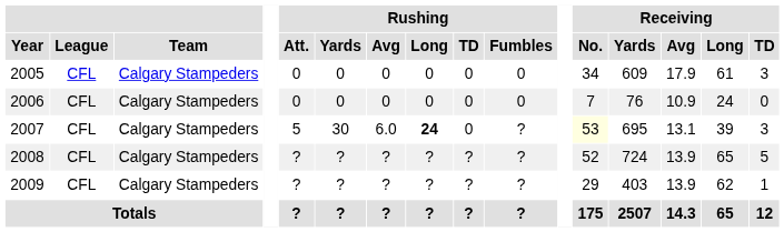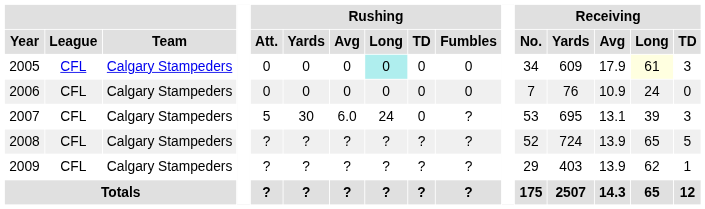 <table BORDER="0" CELLPADDING="5" CELLSPACING="1" style="text-align:center">
 <tr bgcolor="#e0e0e0">
 <th colspan="3"></th>
 <th rowspan="99" bgcolor="#ffffff"> </th>
 <th colspan="6">Rushing</th>
 <th rowspan="99" bgcolor="#ffffff"> </th>
 <th colspan="5">Receiving</th>
 </tr>
 <tr bgcolor="#e0e0e0">
 <th>Year</th>
 <th>League</th>
 <th>Team</th>
 <th>Att.</th>
 <th>Yards</th>
 <th>Avg</th>
 <th>Long</th>
 <th>TD</th>
 <th>Fumbles</th>
 <th>No.</th>
 <th>Yards</th>
 <th>Avg</th>
 <th>Long</th>
 <th>TD</th>
 </tr>
 <tr ALIGN="center">
 <td>2005</td>
 <td><a href='#'>CFL</a></td>
 <td><a href='#'>Calgary Stampeders</a></td>
 <td>0</td>
 <td>0</td>
 <td>0</td>
-<td>0</td>
+<td style="background: paleturquoise;">0</td>
 <td>0</td>
 <td>0</td>
 <td>34</td>
 <td>609</td>
 <td>17.9</td>
-<td>61</td>
+<td style="background: lightyellow;">61</td>
 <td>3</td>
 </tr>
 <tr ALIGN="center" bgcolor="#f0f0f0">
 <td>2006</td>
 <td>CFL</td>
 <td>Calgary Stampeders</td>
 <td>0</td>
 <td>0</td>
 <td>0</td>
 <td>0</td>
 <td>0</td>
 <td>0</td>
 <td>7</td>
 <td>76</td>
 <td>10.9</td>
 <td>24</td>
 <td>0</td>
 </tr>
 <tr ALIGN="center">
 <td>2007</td>
 <td>CFL</td>
 <td>Calgary Stampeders</td>
 <td>5</td>
 <td>30</td>
 <td>6.0</td>
-<td><strong>24</strong></td>
+<td>24</td>
 <td>0</td>
 <td>?</td>
-<td style="background: lightyellow;">53</td>
+<td>53</td>
 <td>695</td>
 <td>13.1</td>
 <td>39</td>
 <td>3</td>
 </tr>
 <tr ALIGN="center" bgcolor="#f0f0f0">
 <td>2008</td>
 <td>CFL</td>
 <td>Calgary Stampeders</td>
 <td>?</td>
 <td>?</td>
 <td>?</td>
 <td>?</td>
 <td>?</td>
 <td>?</td>
 <td>52</td>
 <td>724</td>
 <td>13.9</td>
 <td>65</td>
 <td>5</td>
 </tr>
 <tr ALIGN="center">
 <td>2009</td>
 <td>CFL</td>
 <td>Calgary Stampeders</td>
 <td>?</td>
 <td>?</td>
 <td>?</td>
 <td>?</td>
 <td>?</td>
 <td>?</td>
 <td>29</td>
 <td>403</td>
 <td>13.9</td>
 <td>62</td>
 <td>1</td>
 </tr>
 <tr ALIGN="center">
 </tr>
 <tr bgcolor="#e0e0e0">
 <th colspan="3">Totals</th>
 <th>?</th>
 <th>?</th>
 <th>?</th>
 <th>?</th>
 <th>?</th>
 <th>?</th>
 <th>175</th>
 <th>2507</th>
 <th>14.3</th>
 <th>65</th>
 <th>12</th>
 </tr>
 </table>
